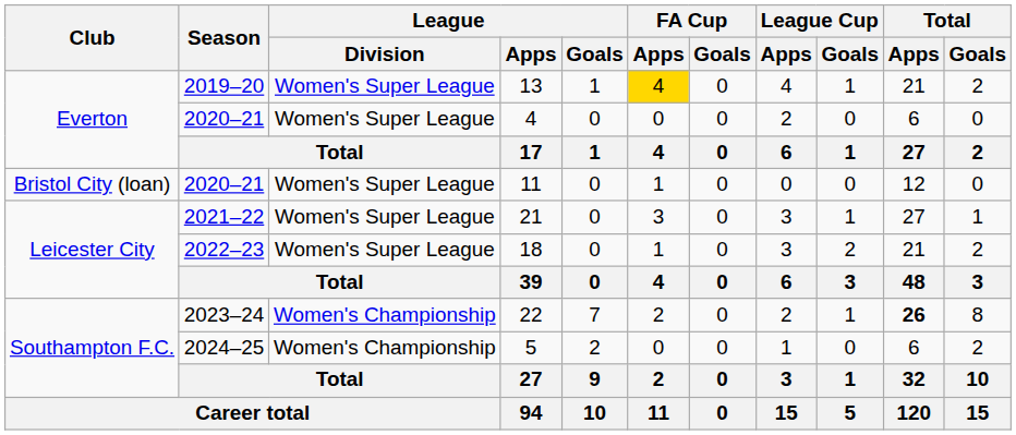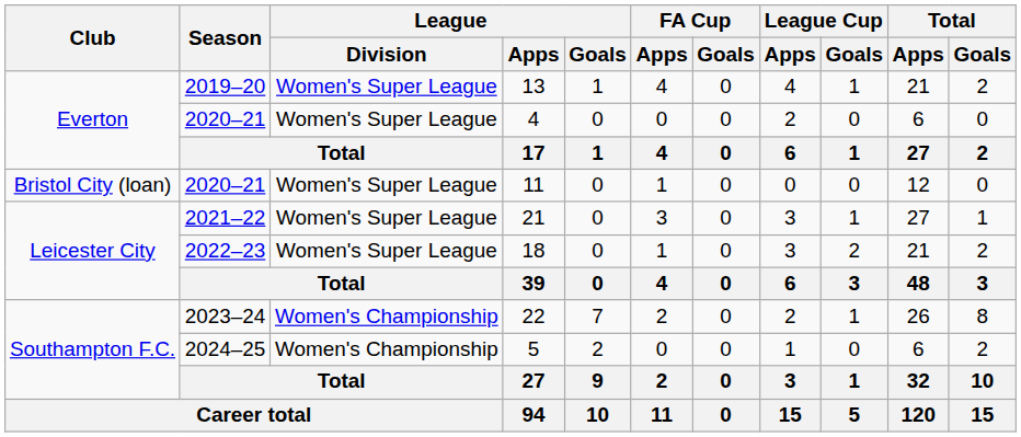 <table class="wikitable" style="text-align:center">
 <tr>
 <th rowspan="2">Club</th>
 <th rowspan="2">Season</th>
 <th colspan="3">League</th>
 <th colspan="2">FA Cup</th>
 <th colspan="2">League Cup</th>
 <th colspan="2">Total</th>
 </tr>
 <tr>
 <th>Division</th>
 <th>Apps</th>
 <th>Goals</th>
 <th>Apps</th>
 <th>Goals</th>
 <th>Apps</th>
 <th>Goals</th>
 <th>Apps</th>
 <th>Goals</th>
 </tr>
 <tr>
 <td rowspan=3><a href='#'>Everton</a></td>
 <td><a href='#'>2019–20</a></td>
 <td><a href='#'>Women's Super League</a></td>
 <td>13</td>
 <td>1</td>
-<td style="background: gold;">4</td>
+<td>4</td>
 <td>0</td>
 <td>4</td>
 <td>1</td>
 <td>21</td>
 <td>2</td>
 </tr>
 <tr>
 <td><a href='#'>2020–21</a></td>
 <td>Women's Super League</td>
 <td>4</td>
 <td>0</td>
 <td>0</td>
 <td>0</td>
 <td>2</td>
 <td>0</td>
 <td>6</td>
 <td>0</td>
 </tr>
 <tr>
 <th colspan="2">Total</th>
 <th>17</th>
 <th>1</th>
 <th>4</th>
 <th>0</th>
 <th>6</th>
 <th>1</th>
 <th>27</th>
 <th>2</th>
 </tr>
 <tr>
 <td><a href='#'>Bristol City</a> (loan)</td>
 <td><a href='#'>2020–21</a></td>
 <td>Women's Super League</td>
 <td>11</td>
 <td>0</td>
 <td>1</td>
 <td>0</td>
 <td>0</td>
 <td>0</td>
 <td>12</td>
 <td>0</td>
 </tr>
 <tr>
 <td rowspan="3"><a href='#'>Leicester City</a></td>
 <td><a href='#'>2021–22</a></td>
 <td>Women's Super League</td>
 <td>21</td>
 <td>0</td>
 <td>3</td>
 <td>0</td>
 <td>3</td>
 <td>1</td>
 <td>27</td>
 <td>1</td>
 </tr>
 <tr>
 <td><a href='#'>2022–23</a></td>
 <td>Women's Super League</td>
 <td>18</td>
 <td>0</td>
 <td>1</td>
 <td>0</td>
 <td>3</td>
 <td>2</td>
 <td>21</td>
 <td>2</td>
 </tr>
 <tr>
 <th colspan="2">Total</th>
 <th>39</th>
 <th>0</th>
 <th>4</th>
 <th>0</th>
 <th>6</th>
 <th>3</th>
 <th>48</th>
 <th>3</th>
 </tr>
 <tr>
 <td rowspan="3"><a href='#'>Southampton F.C.</a></td>
 <td>2023–24</td>
 <td><a href='#'>Women's Championship</a></td>
 <td>22</td>
 <td>7</td>
 <td>2</td>
 <td>0</td>
 <td>2</td>
 <td>1</td>
-<td><strong>26</strong></td>
+<td>26</td>
 <td>8</td>
 </tr>
 <tr>
 <td>2024–25</td>
 <td>Women's Championship</td>
 <td>5</td>
 <td>2</td>
 <td>0</td>
 <td>0</td>
 <td>1</td>
 <td>0</td>
 <td>6</td>
 <td>2</td>
 </tr>
 <tr>
 <th colspan="2">Total</th>
 <th>27</th>
 <th>9</th>
 <th>2</th>
 <th>0</th>
 <th>3</th>
 <th>1</th>
 <th>32</th>
 <th>10</th>
 </tr>
 <tr>
 <th colspan="3">Career total</th>
 <th>94</th>
 <th>10</th>
 <th>11</th>
 <th>0</th>
 <th>15</th>
 <th>5</th>
 <th>120</th>
 <th>15</th>
 </tr>
 </table>
